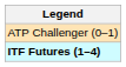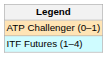 <table class=wikitable style=font-size:97%>
 <tr>
 <th>Legend</th>
 </tr>
 <tr bgcolor=moccasin>
 <td>ATP Challenger (0–1)</td>
 </tr>
 <tr bgcolor=cffcff>
-<td><strong>ITF Futures (1–4)</strong></td>
+<td>ITF Futures (1–4)</td>
 </tr>
 </table>
